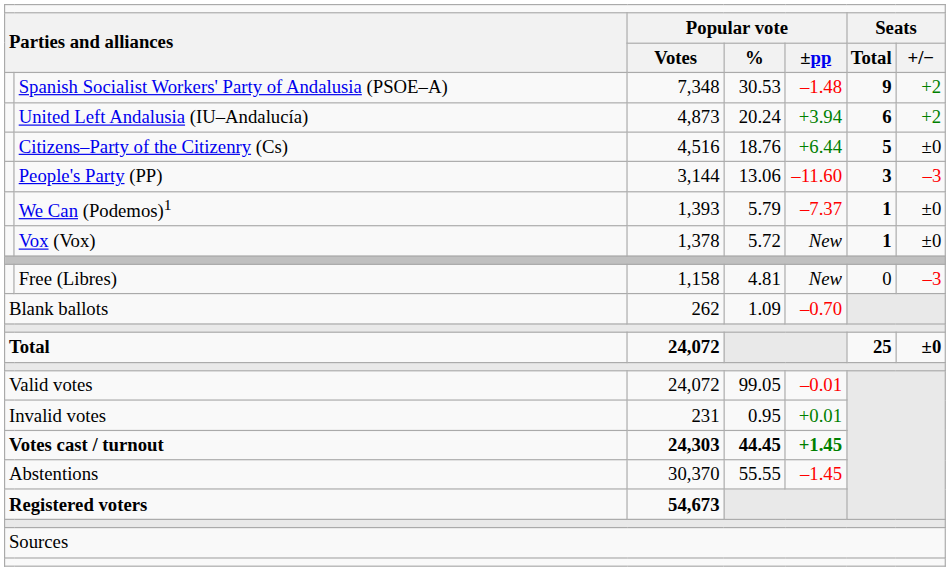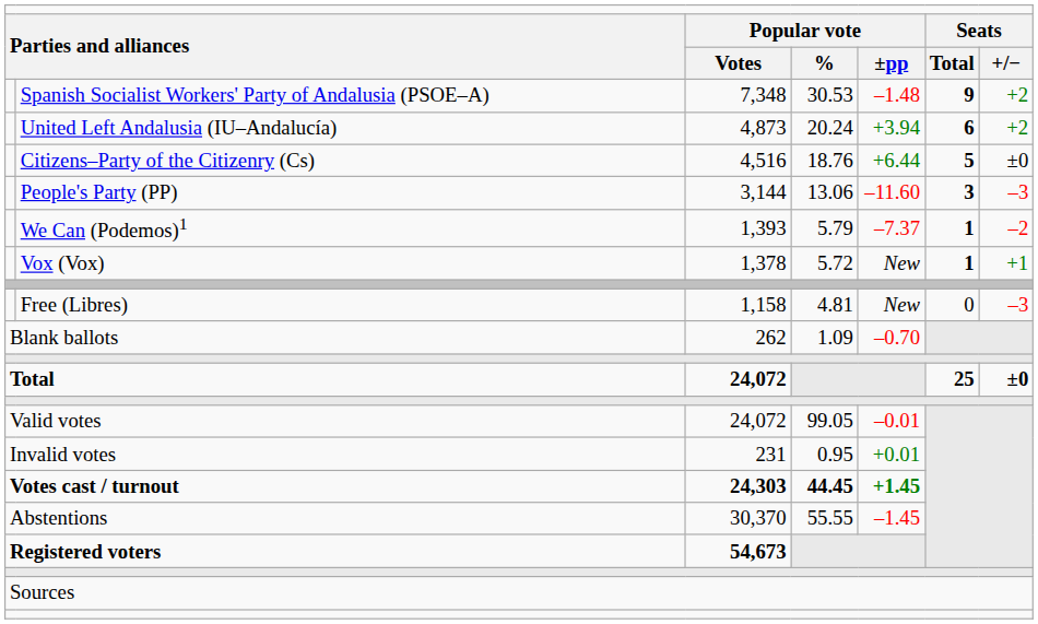 <table class="wikitable" style="text-align:right;">
 <tr>
 <td colspan="7"></td>
 </tr>
 <tr>
 <th style="text-align:left;" rowspan="2" colspan="2" width="525">Parties and alliances</th>
 <th colspan="3">Popular vote</th>
 <th colspan="2">Seats</th>
 </tr>
 <tr>
 <th width="75">Votes</th>
 <th width="45">%</th>
 <th width="45">±<a href='#'>pp</a></th>
 <th width="35">Total</th>
 <th width="35">+/−</th>
 </tr>
 <tr>
 <td width="1" style="color:inherit;background:"></td>
 <td align="left"><a href='#'>Spanish Socialist Workers' Party of Andalusia</a> (PSOE–A)</td>
 <td>7,348</td>
 <td>30.53</td>
 <td style="color:red;">–1.48</td>
 <td><strong>9</strong></td>
 <td style="color:green;">+2</td>
 </tr>
 <tr>
 <td style="color:inherit;background:"></td>
 <td align="left"><a href='#'>United Left Andalusia</a> (IU–Andalucía)</td>
 <td>4,873</td>
 <td>20.24</td>
 <td style="color:green;">+3.94</td>
 <td><strong>6</strong></td>
 <td style="color:green;">+2</td>
 </tr>
 <tr>
 <td style="color:inherit;background:"></td>
 <td align="left"><a href='#'>Citizens–Party of the Citizenry</a> (Cs)</td>
 <td>4,516</td>
 <td>18.76</td>
 <td style="color:green;">+6.44</td>
 <td><strong>5</strong></td>
 <td>±0</td>
 </tr>
 <tr>
 <td style="color:inherit;background:"></td>
 <td align="left"><a href='#'>People's Party</a> (PP)</td>
 <td>3,144</td>
 <td>13.06</td>
 <td style="color:red;">–11.60</td>
 <td><strong>3</strong></td>
 <td style="color:red;">–3</td>
 </tr>
 <tr>
 <td style="color:inherit;background:"></td>
 <td align="left"><a href='#'>We Can</a> (Podemos)<sup>1</sup></td>
 <td>1,393</td>
 <td>5.79</td>
 <td style="color:red;">–7.37</td>
 <td><strong>1</strong></td>
-<td>±0</td>
+<td style="color:red;">–2</td>
 </tr>
 <tr>
 <td style="color:inherit;background:"></td>
 <td align="left"><a href='#'>Vox</a> (Vox)</td>
 <td>1,378</td>
 <td>5.72</td>
 <td><em>New</em></td>
 <td><strong>1</strong></td>
-<td>±0</td>
+<td style="color:green;">+1</td>
 </tr>
 <tr>
 <td colspan="7" bgcolor="#C0C0C0"></td>
 </tr>
 <tr>
 <td style="color:inherit;background:"></td>
 <td align="left">Free (Libres)</td>
 <td>1,158</td>
 <td>4.81</td>
 <td><em>New</em></td>
 <td>0</td>
 <td style="color:red;">–3</td>
 </tr>
 <tr>
 <td align="left" colspan="2">Blank ballots</td>
 <td>262</td>
 <td>1.09</td>
 <td style="color:red;">–0.70</td>
 <td bgcolor="#E9E9E9" colspan="2"></td>
 </tr>
 <tr>
 <td colspan="7" bgcolor="#E9E9E9"></td>
 </tr>
 <tr style="font-weight:bold;">
 <td align="left" colspan="2">Total</td>
 <td>24,072</td>
 <td bgcolor="#E9E9E9" colspan="2"></td>
 <td>25</td>
 <td>±0</td>
 </tr>
 <tr>
 <td colspan="7" bgcolor="#E9E9E9"></td>
 </tr>
 <tr>
 <td align="left" colspan="2">Valid votes</td>
 <td>24,072</td>
 <td>99.05</td>
 <td style="color:red;">–0.01</td>
 <td bgcolor="#E9E9E9" colspan="2" rowspan="5"></td>
 </tr>
 <tr>
 <td align="left" colspan="2">Invalid votes</td>
 <td>231</td>
 <td>0.95</td>
 <td style="color:green;">+0.01</td>
 </tr>
 <tr style="font-weight:bold;">
 <td align="left" colspan="2">Votes cast / turnout</td>
 <td>24,303</td>
 <td>44.45</td>
 <td style="color:green;">+1.45</td>
 </tr>
 <tr>
 <td align="left" colspan="2">Abstentions</td>
 <td>30,370</td>
 <td>55.55</td>
 <td style="color:red;">–1.45</td>
 </tr>
 <tr style="font-weight:bold;">
 <td align="left" colspan="2">Registered voters</td>
 <td>54,673</td>
 <td bgcolor="#E9E9E9" colspan="2"></td>
 </tr>
 <tr>
 <td colspan="7" bgcolor="#E9E9E9"></td>
 </tr>
 <tr>
 <td align="left" colspan="7">Sources</td>
 </tr>
 <tr>
 <td colspan="7" style="text-align:left; max-width:790px;"></td>
 </tr>
 </table>
